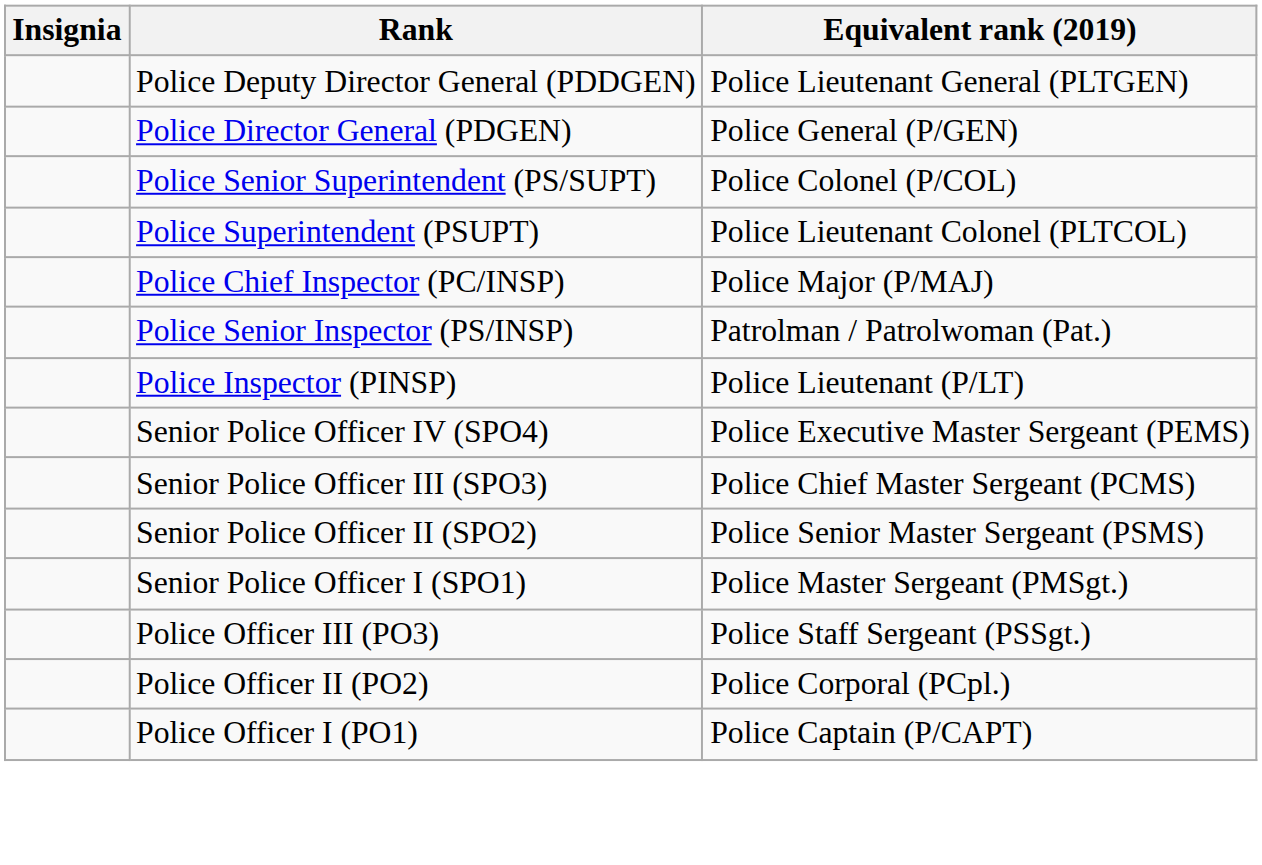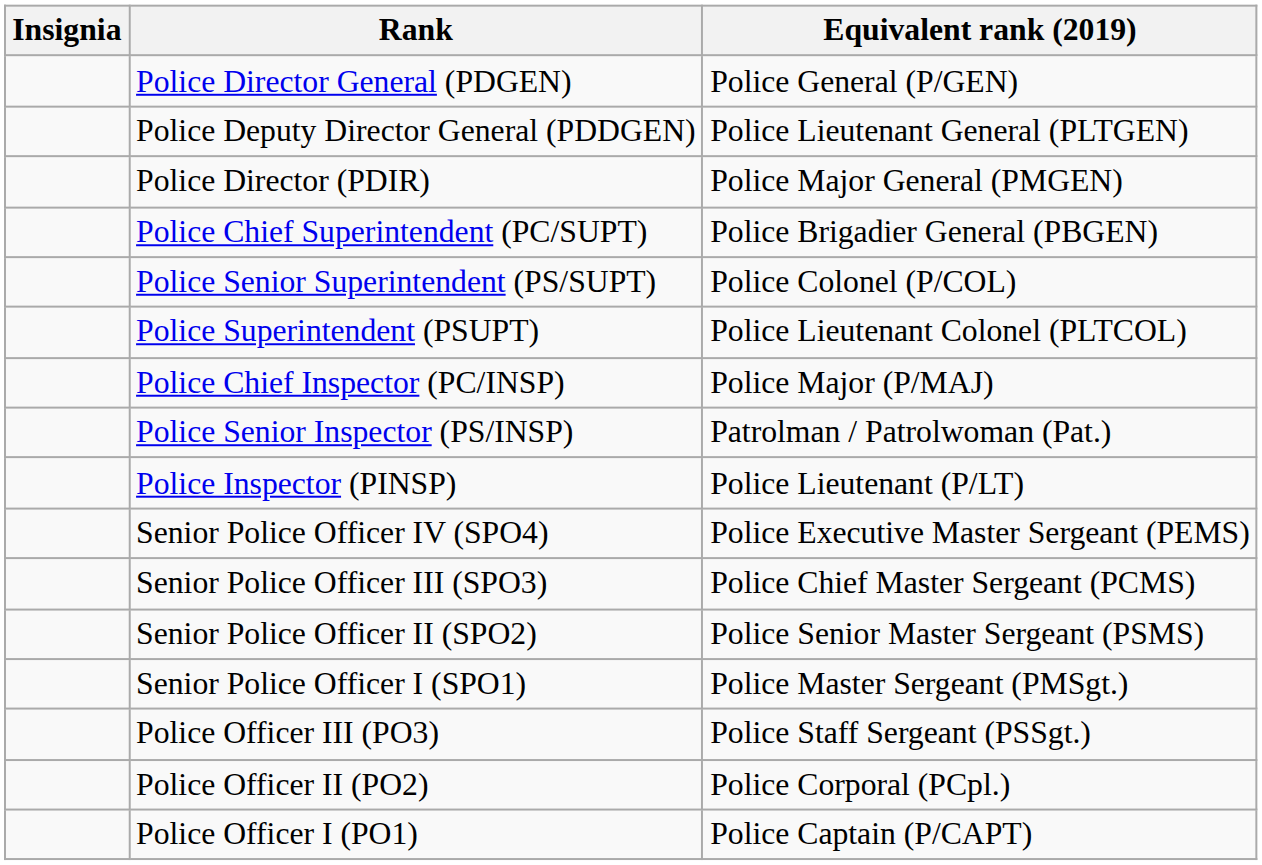 <table class="wikitable" style="display: inline-table;">
 <tr>
 <th width=30px>Insignia</th>
 <th>Rank</th>
 <th>Equivalent rank (2019)</th>
 </tr>
 <tr>
 <td></td>
+<td><a href='#'>Police Director General</a> (PDGEN)</td>
+<td>Police General (P/GEN)</td>
+</tr>
+<tr>
+<td></td>
 <td>Police Deputy Director General (PDDGEN)</td>
 <td>Police Lieutenant General (PLTGEN)</td>
 </tr>
 <tr>
 <td></td>
-<td><a href='#'>Police Director General</a> (PDGEN)</td>
-<td>Police General (P/GEN)</td>
+<td>Police Director (PDIR)</td>
+<td>Police Major General (PMGEN)</td>
+</tr>
+<tr>
+<td></td>
+<td><a href='#'>Police Chief Superintendent</a> (PC/SUPT)</td>
+<td>Police Brigadier General (PBGEN)</td>
 </tr>
 <tr>
 <td></td>
 <td><a href='#'>Police Senior Superintendent</a> (PS/SUPT)</td>
 <td>Police Colonel (P/COL)</td>
 </tr>
 <tr>
 <td></td>
 <td><a href='#'>Police Superintendent</a> (PSUPT)</td>
 <td>Police Lieutenant Colonel (PLTCOL)</td>
 </tr>
 <tr>
 <td></td>
 <td><a href='#'>Police Chief Inspector</a> (PC/INSP)</td>
 <td>Police Major (P/MAJ)</td>
 </tr>
 <tr>
 <td></td>
 <td><a href='#'>Police Senior Inspector</a> (PS/INSP)</td>
 <td>Patrolman / Patrolwoman (Pat.)</td>
 </tr>
 <tr>
 <td></td>
 <td><a href='#'>Police Inspector</a> (PINSP)</td>
 <td>Police Lieutenant (P/LT)</td>
 </tr>
 <tr>
 <td></td>
 <td>Senior Police Officer IV (SPO4)</td>
 <td>Police Executive Master Sergeant (PEMS)</td>
 </tr>
 <tr>
 <td></td>
 <td>Senior Police Officer III (SPO3)</td>
 <td>Police Chief Master Sergeant (PCMS)</td>
 </tr>
 <tr>
 <td></td>
 <td>Senior Police Officer II (SPO2)</td>
 <td>Police Senior Master Sergeant (PSMS)</td>
 </tr>
 <tr>
 <td></td>
 <td>Senior Police Officer I (SPO1)</td>
 <td>Police Master Sergeant (PMSgt.)</td>
 </tr>
 <tr>
 <td></td>
 <td>Police Officer III (PO3)</td>
 <td>Police Staff Sergeant (PSSgt.)</td>
 </tr>
 <tr>
 <td></td>
 <td>Police Officer II (PO2)</td>
 <td>Police Corporal (PCpl.)</td>
 </tr>
 <tr>
 <td></td>
 <td>Police Officer I (PO1)</td>
 <td>Police Captain (P/CAPT)</td>
 </tr>
 </table>
